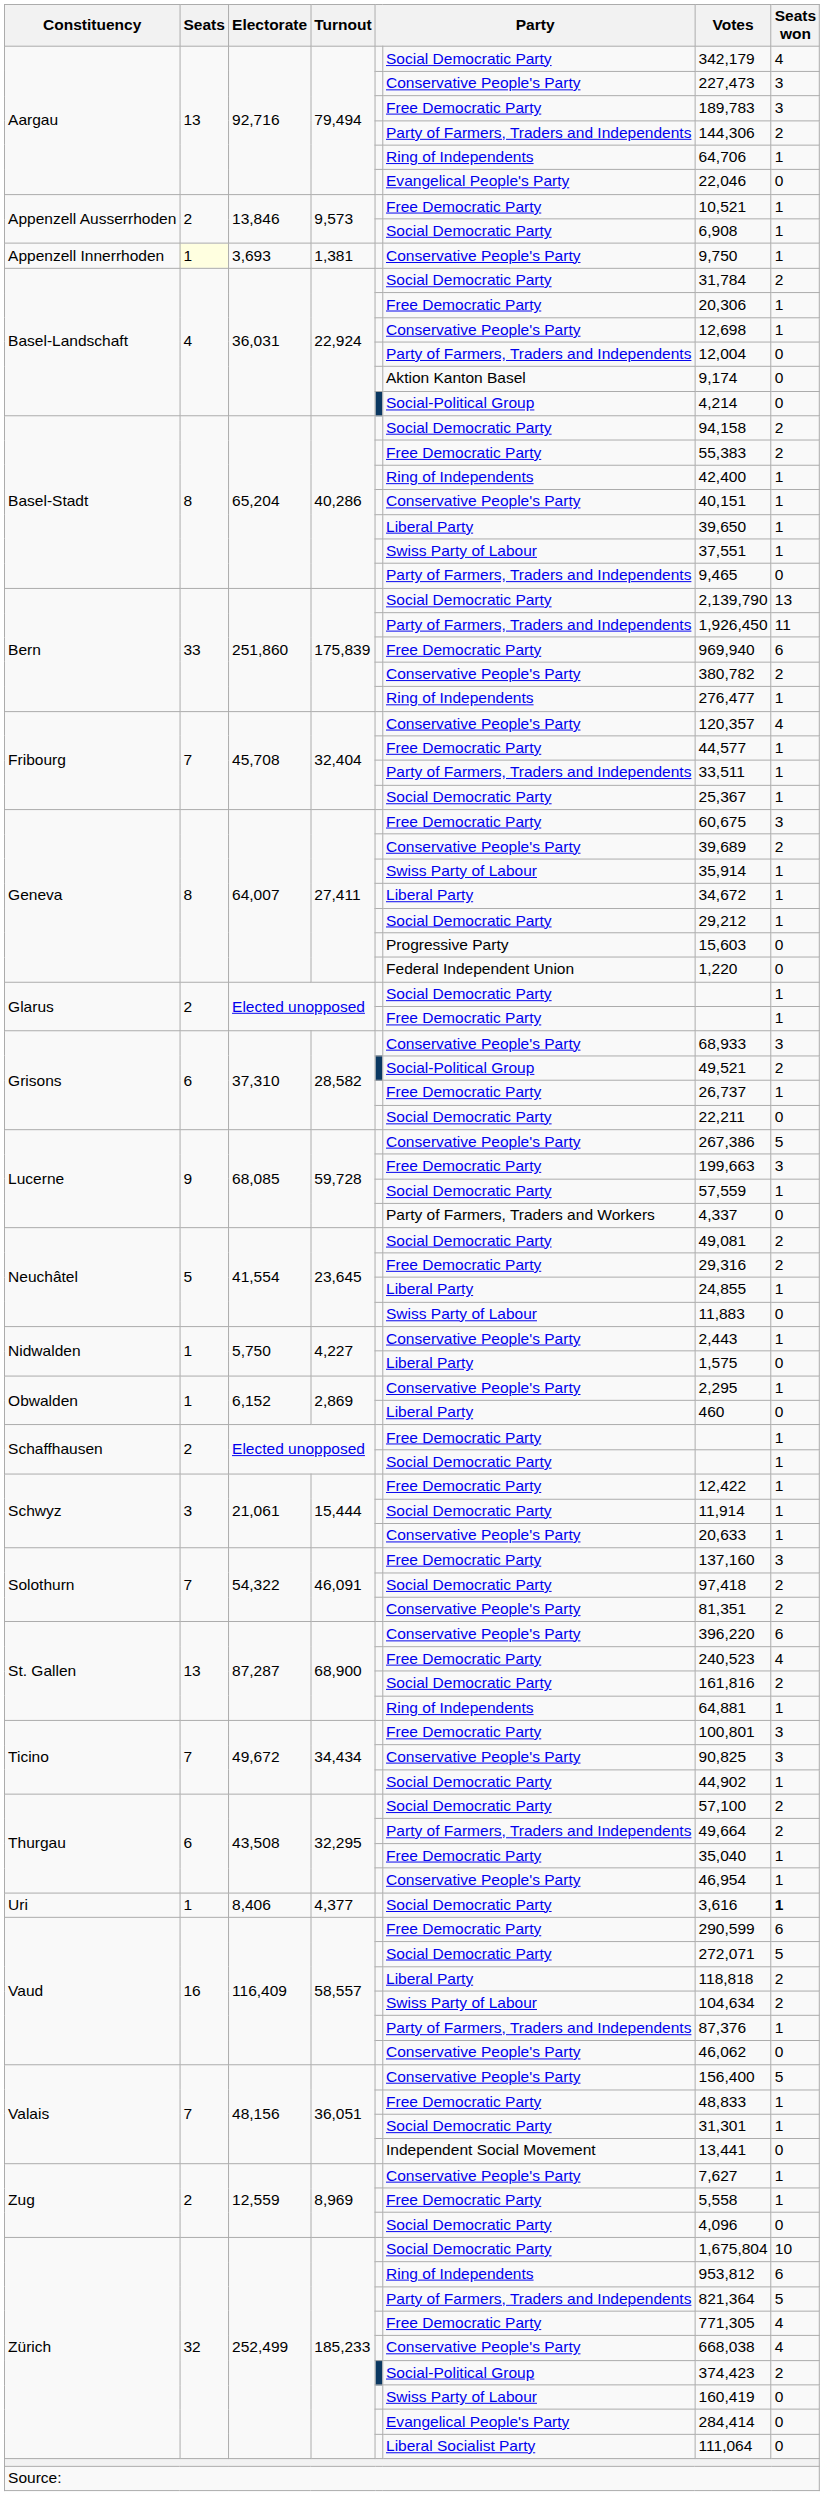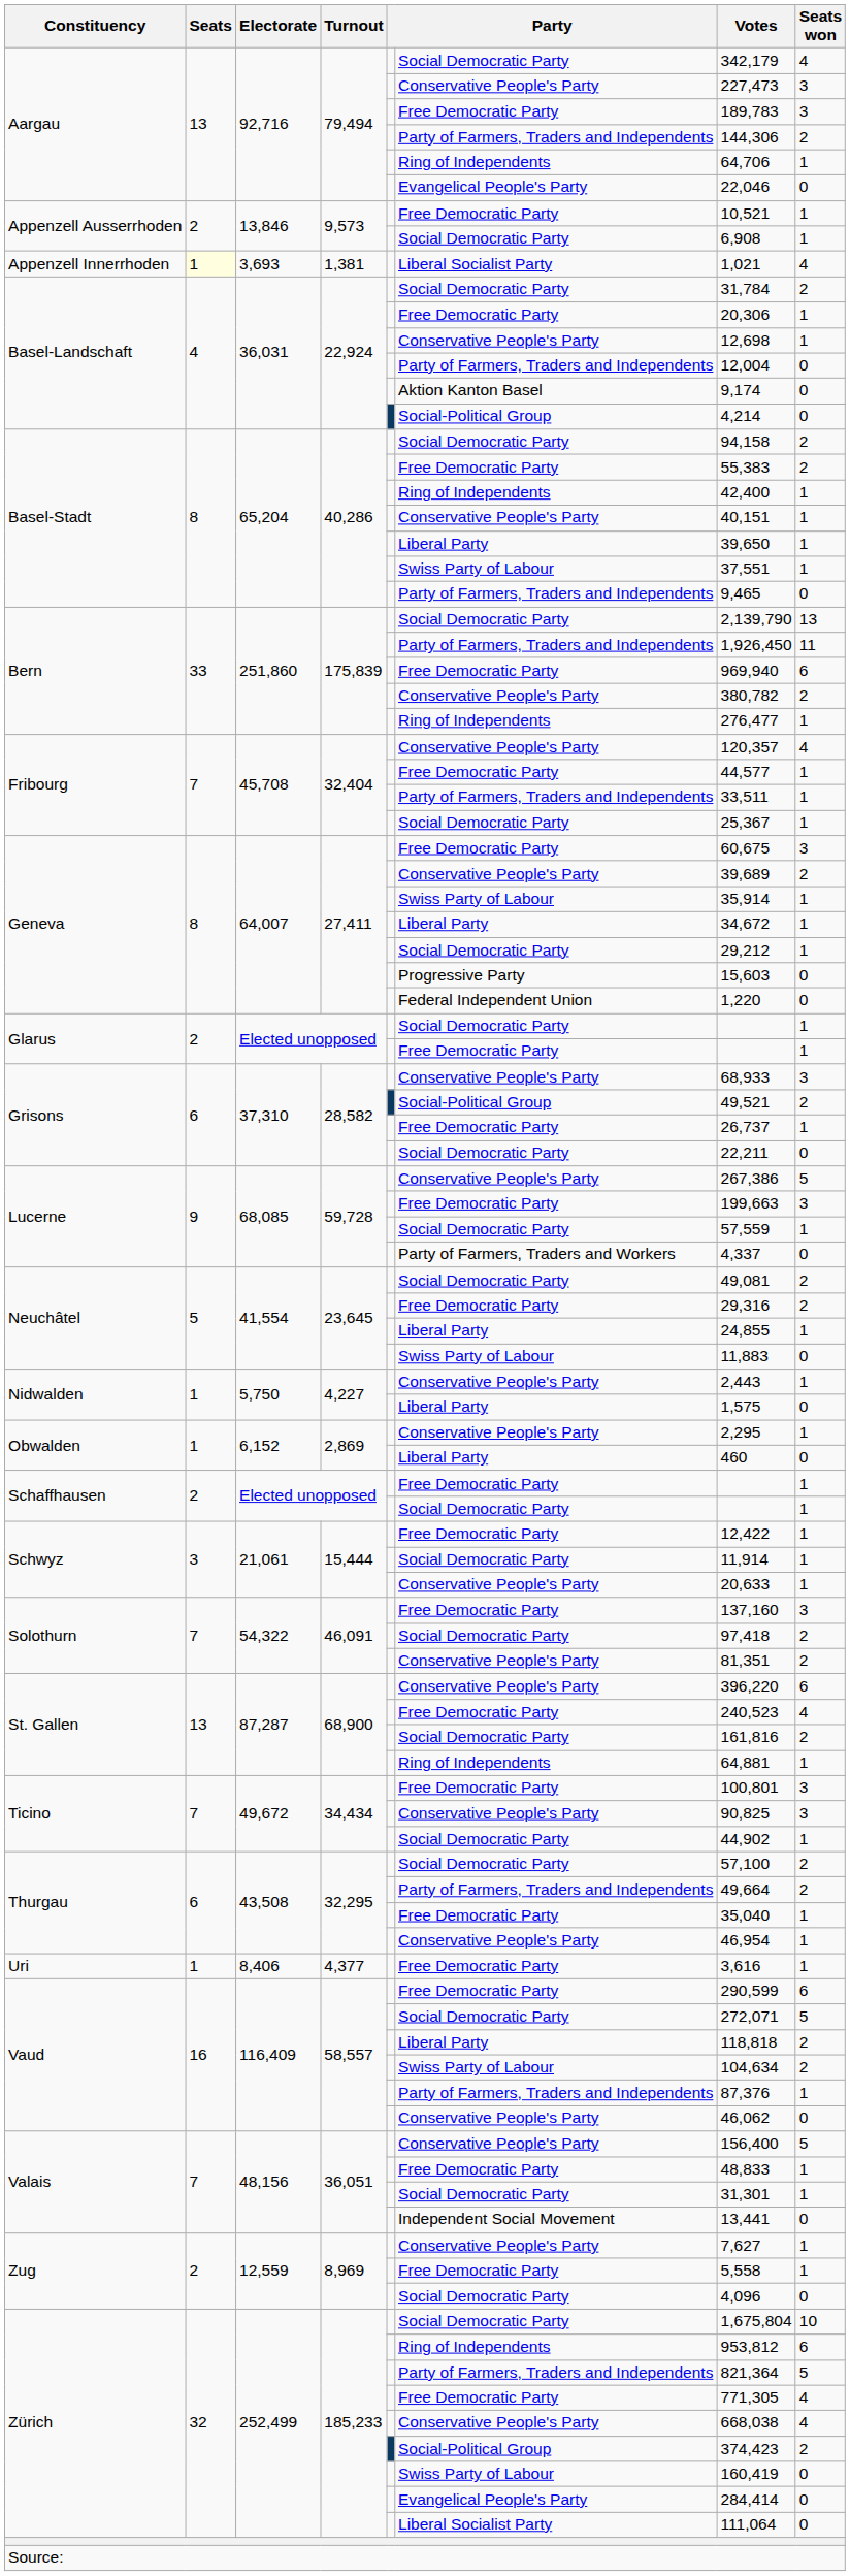 <table class="wikitable">
 <tr>
 <th>Constituency</th>
 <th>Seats</th>
 <th>Electorate</th>
 <th>Turnout</th>
 <th colspan="2">Party</th>
 <th>Votes</th>
 <th>Seats<br>won</th>
 </tr>
 <tr>
 <td rowspan="6">Aargau</td>
 <td rowspan="6">13</td>
 <td rowspan="6">92,716</td>
 <td rowspan="6">79,494</td>
 <td style="color:inherit;background:"></td>
 <td><a href='#'>Social Democratic Party</a></td>
 <td>342,179</td>
 <td>4</td>
 </tr>
 <tr>
 <td style="color:inherit;background:"></td>
 <td><a href='#'>Conservative People's Party</a></td>
 <td>227,473</td>
 <td>3</td>
 </tr>
 <tr>
 <td style="color:inherit;background:"></td>
 <td><a href='#'>Free Democratic Party</a></td>
 <td>189,783</td>
 <td>3</td>
 </tr>
 <tr>
 <td style="color:inherit;background:"></td>
 <td><a href='#'>Party of Farmers, Traders and Independents</a></td>
 <td>144,306</td>
 <td>2</td>
 </tr>
 <tr>
 <td style="color:inherit;background:"></td>
 <td><a href='#'>Ring of Independents</a></td>
 <td>64,706</td>
 <td>1</td>
 </tr>
 <tr>
 <td style="color:inherit;background:"></td>
 <td><a href='#'>Evangelical People's Party</a></td>
 <td>22,046</td>
 <td>0</td>
 </tr>
 <tr>
 <td rowspan="2">Appenzell Ausserrhoden</td>
 <td rowspan="2">2</td>
 <td rowspan="2">13,846</td>
 <td rowspan="2">9,573</td>
 <td style="color:inherit;background:"></td>
 <td><a href='#'>Free Democratic Party</a></td>
 <td>10,521</td>
 <td>1</td>
 </tr>
 <tr>
 <td style="color:inherit;background:"></td>
 <td><a href='#'>Social Democratic Party</a></td>
 <td>6,908</td>
 <td>1</td>
 </tr>
 <tr>
 <td>Appenzell Innerrhoden</td>
 <td style="background: lightyellow;">1</td>
 <td>3,693</td>
 <td>1,381</td>
 <td style="color:inherit;background:"></td>
-<td><a href='#'>Conservative People's Party</a></td>
-<td>9,750</td>
-<td>1</td>
+<td><a href='#'>Liberal Socialist Party</a></td>
+<td>1,021</td>
+<td>4</td>
 </tr>
 <tr>
 <td rowspan="6">Basel-Landschaft</td>
 <td rowspan="6">4</td>
 <td rowspan="6">36,031</td>
 <td rowspan="6">22,924</td>
 <td style="color:inherit;background:"></td>
 <td><a href='#'>Social Democratic Party</a></td>
 <td>31,784</td>
 <td>2</td>
 </tr>
 <tr>
 <td style="color:inherit;background:"></td>
 <td><a href='#'>Free Democratic Party</a></td>
 <td>20,306</td>
 <td>1</td>
 </tr>
 <tr>
 <td style="color:inherit;background:"></td>
 <td><a href='#'>Conservative People's Party</a></td>
 <td>12,698</td>
 <td>1</td>
 </tr>
 <tr>
 <td style="color:inherit;background:"></td>
 <td><a href='#'>Party of Farmers, Traders and Independents</a></td>
 <td>12,004</td>
 <td>0</td>
 </tr>
 <tr>
 <td style="color:inherit;background:"></td>
 <td>Aktion Kanton Basel</td>
 <td>9,174</td>
 <td>0</td>
 </tr>
 <tr>
 <td style="color:inherit;background:#0B3861"></td>
 <td><a href='#'>Social-Political Group</a></td>
 <td>4,214</td>
 <td>0</td>
 </tr>
 <tr>
 <td rowspan="7">Basel-Stadt</td>
 <td rowspan="7">8</td>
 <td rowspan="7">65,204</td>
 <td rowspan="7">40,286</td>
 <td style="color:inherit;background:"></td>
 <td><a href='#'>Social Democratic Party</a></td>
 <td>94,158</td>
 <td>2</td>
 </tr>
 <tr>
 <td style="color:inherit;background:"></td>
 <td><a href='#'>Free Democratic Party</a></td>
 <td>55,383</td>
 <td>2</td>
 </tr>
 <tr>
 <td style="color:inherit;background:"></td>
 <td><a href='#'>Ring of Independents</a></td>
 <td>42,400</td>
 <td>1</td>
 </tr>
 <tr>
 <td style="color:inherit;background:"></td>
 <td><a href='#'>Conservative People's Party</a></td>
 <td>40,151</td>
 <td>1</td>
 </tr>
 <tr>
 <td style="color:inherit;background:"></td>
 <td><a href='#'>Liberal Party</a></td>
 <td>39,650</td>
 <td>1</td>
 </tr>
 <tr>
 <td style="color:inherit;background:"></td>
 <td><a href='#'>Swiss Party of Labour</a></td>
 <td>37,551</td>
 <td>1</td>
 </tr>
 <tr>
 <td style="color:inherit;background:"></td>
 <td><a href='#'>Party of Farmers, Traders and Independents</a></td>
 <td>9,465</td>
 <td>0</td>
 </tr>
 <tr>
 <td rowspan="5">Bern</td>
 <td rowspan="5">33</td>
 <td rowspan="5">251,860</td>
 <td rowspan="5">175,839</td>
 <td style="color:inherit;background:"></td>
 <td><a href='#'>Social Democratic Party</a></td>
 <td>2,139,790</td>
 <td>13</td>
 </tr>
 <tr>
 <td style="color:inherit;background:"></td>
 <td><a href='#'>Party of Farmers, Traders and Independents</a></td>
 <td>1,926,450</td>
 <td>11</td>
 </tr>
 <tr>
 <td style="color:inherit;background:"></td>
 <td><a href='#'>Free Democratic Party</a></td>
 <td>969,940</td>
 <td>6</td>
 </tr>
 <tr>
 <td style="color:inherit;background:"></td>
 <td><a href='#'>Conservative People's Party</a></td>
 <td>380,782</td>
 <td>2</td>
 </tr>
 <tr>
 <td style="color:inherit;background:"></td>
 <td><a href='#'>Ring of Independents</a></td>
 <td>276,477</td>
 <td>1</td>
 </tr>
 <tr>
 <td rowspan="4">Fribourg</td>
 <td rowspan="4">7</td>
 <td rowspan="4">45,708</td>
 <td rowspan="4">32,404</td>
 <td style="color:inherit;background:"></td>
 <td><a href='#'>Conservative People's Party</a></td>
 <td>120,357</td>
 <td>4</td>
 </tr>
 <tr>
 <td style="color:inherit;background:"></td>
 <td><a href='#'>Free Democratic Party</a></td>
 <td>44,577</td>
 <td>1</td>
 </tr>
 <tr>
 <td style="color:inherit;background:"></td>
 <td><a href='#'>Party of Farmers, Traders and Independents</a></td>
 <td>33,511</td>
 <td>1</td>
 </tr>
 <tr>
 <td style="color:inherit;background:"></td>
 <td><a href='#'>Social Democratic Party</a></td>
 <td>25,367</td>
 <td>1</td>
 </tr>
 <tr>
 <td rowspan="7">Geneva</td>
 <td rowspan="7">8</td>
 <td rowspan="7">64,007</td>
 <td rowspan="7">27,411</td>
 <td style="color:inherit;background:"></td>
 <td><a href='#'>Free Democratic Party</a></td>
 <td>60,675</td>
 <td>3</td>
 </tr>
 <tr>
 <td style="color:inherit;background:"></td>
 <td><a href='#'>Conservative People's Party</a></td>
 <td>39,689</td>
 <td>2</td>
 </tr>
 <tr>
 <td style="color:inherit;background:"></td>
 <td><a href='#'>Swiss Party of Labour</a></td>
 <td>35,914</td>
 <td>1</td>
 </tr>
 <tr>
 <td style="color:inherit;background:"></td>
 <td><a href='#'>Liberal Party</a></td>
 <td>34,672</td>
 <td>1</td>
 </tr>
 <tr>
 <td style="color:inherit;background:"></td>
 <td><a href='#'>Social Democratic Party</a></td>
 <td>29,212</td>
 <td>1</td>
 </tr>
 <tr>
 <td style="color:inherit;background:"></td>
 <td>Progressive Party</td>
 <td>15,603</td>
 <td>0</td>
 </tr>
 <tr>
 <td style="color:inherit;background:"></td>
 <td>Federal Independent Union</td>
 <td>1,220</td>
 <td>0</td>
 </tr>
 <tr>
 <td rowspan="2">Glarus</td>
 <td rowspan="2">2</td>
 <td rowspan="2" colspan=2><a href='#'>Elected unopposed</a></td>
 <td style="color:inherit;background:"></td>
 <td><a href='#'>Social Democratic Party</a></td>
 <td></td>
 <td>1</td>
 </tr>
 <tr>
 <td style="color:inherit;background:"></td>
 <td><a href='#'>Free Democratic Party</a></td>
 <td></td>
 <td>1</td>
 </tr>
 <tr>
 <td rowspan="4">Grisons</td>
 <td rowspan="4">6</td>
 <td rowspan="4">37,310</td>
 <td rowspan="4">28,582</td>
 <td style="color:inherit;background:"></td>
 <td><a href='#'>Conservative People's Party</a></td>
 <td>68,933</td>
 <td>3</td>
 </tr>
 <tr>
 <td style="color:inherit;background:#0B3861"></td>
 <td><a href='#'>Social-Political Group</a></td>
 <td>49,521</td>
 <td>2</td>
 </tr>
 <tr>
 <td style="color:inherit;background:"></td>
 <td><a href='#'>Free Democratic Party</a></td>
 <td>26,737</td>
 <td>1</td>
 </tr>
 <tr>
 <td style="color:inherit;background:"></td>
 <td><a href='#'>Social Democratic Party</a></td>
 <td>22,211</td>
 <td>0</td>
 </tr>
 <tr>
 <td rowspan="4">Lucerne</td>
 <td rowspan="4">9</td>
 <td rowspan="4">68,085</td>
 <td rowspan="4">59,728</td>
 <td style="color:inherit;background:"></td>
 <td><a href='#'>Conservative People's Party</a></td>
 <td>267,386</td>
 <td>5</td>
 </tr>
 <tr>
 <td style="color:inherit;background:"></td>
 <td><a href='#'>Free Democratic Party</a></td>
 <td>199,663</td>
 <td>3</td>
 </tr>
 <tr>
 <td style="color:inherit;background:"></td>
 <td><a href='#'>Social Democratic Party</a></td>
 <td>57,559</td>
 <td>1</td>
 </tr>
 <tr>
 <td style="color:inherit;background:"></td>
 <td>Party of Farmers, Traders and Workers</td>
 <td>4,337</td>
 <td>0</td>
 </tr>
 <tr>
 <td rowspan="4">Neuchâtel</td>
 <td rowspan="4">5</td>
 <td rowspan="4">41,554</td>
 <td rowspan="4">23,645</td>
 <td style="color:inherit;background:"></td>
 <td><a href='#'>Social Democratic Party</a></td>
 <td>49,081</td>
 <td>2</td>
 </tr>
 <tr>
 <td style="color:inherit;background:"></td>
 <td><a href='#'>Free Democratic Party</a></td>
 <td>29,316</td>
 <td>2</td>
 </tr>
 <tr>
 <td style="color:inherit;background:"></td>
 <td><a href='#'>Liberal Party</a></td>
 <td>24,855</td>
 <td>1</td>
 </tr>
 <tr>
 <td style="color:inherit;background:"></td>
 <td><a href='#'>Swiss Party of Labour</a></td>
 <td>11,883</td>
 <td>0</td>
 </tr>
 <tr>
 <td rowspan="2">Nidwalden</td>
 <td rowspan="2">1</td>
 <td rowspan="2">5,750</td>
 <td rowspan="2">4,227</td>
 <td style="color:inherit;background:"></td>
 <td><a href='#'>Conservative People's Party</a></td>
 <td>2,443</td>
 <td>1</td>
 </tr>
 <tr>
 <td style="color:inherit;background:"></td>
 <td><a href='#'>Liberal Party</a></td>
 <td>1,575</td>
 <td>0</td>
 </tr>
 <tr>
 <td rowspan="2">Obwalden</td>
 <td rowspan="2">1</td>
 <td rowspan="2">6,152</td>
 <td rowspan="2">2,869</td>
 <td style="color:inherit;background:"></td>
 <td><a href='#'>Conservative People's Party</a></td>
 <td>2,295</td>
 <td>1</td>
 </tr>
 <tr>
 <td style="color:inherit;background:"></td>
 <td><a href='#'>Liberal Party</a></td>
 <td>460</td>
 <td>0</td>
 </tr>
 <tr>
 <td rowspan="2">Schaffhausen</td>
 <td rowspan="2">2</td>
 <td rowspan="2" colspan=2><a href='#'>Elected unopposed</a></td>
 <td style="color:inherit;background:"></td>
 <td><a href='#'>Free Democratic Party</a></td>
 <td></td>
 <td>1</td>
 </tr>
 <tr>
 <td style="color:inherit;background:"></td>
 <td><a href='#'>Social Democratic Party</a></td>
 <td></td>
 <td>1</td>
 </tr>
 <tr>
 <td rowspan="3">Schwyz</td>
 <td rowspan="3">3</td>
 <td rowspan="3">21,061</td>
 <td rowspan="3">15,444</td>
 <td style="color:inherit;background:"></td>
 <td><a href='#'>Free Democratic Party</a></td>
 <td>12,422</td>
 <td>1</td>
 </tr>
 <tr>
 <td style="color:inherit;background:"></td>
 <td><a href='#'>Social Democratic Party</a></td>
 <td>11,914</td>
 <td>1</td>
 </tr>
 <tr>
 <td style="color:inherit;background:"></td>
 <td><a href='#'>Conservative People's Party</a></td>
 <td>20,633</td>
 <td>1</td>
 </tr>
 <tr>
 <td rowspan="3">Solothurn</td>
 <td rowspan="3">7</td>
 <td rowspan="3">54,322</td>
 <td rowspan="3">46,091</td>
 <td style="color:inherit;background:"></td>
 <td><a href='#'>Free Democratic Party</a></td>
 <td>137,160</td>
 <td>3</td>
 </tr>
 <tr>
 <td style="color:inherit;background:"></td>
 <td><a href='#'>Social Democratic Party</a></td>
 <td>97,418</td>
 <td>2</td>
 </tr>
 <tr>
 <td style="color:inherit;background:"></td>
 <td><a href='#'>Conservative People's Party</a></td>
 <td>81,351</td>
 <td>2</td>
 </tr>
 <tr>
 <td rowspan="4">St. Gallen</td>
 <td rowspan="4">13</td>
 <td rowspan="4">87,287</td>
 <td rowspan="4">68,900</td>
 <td style="color:inherit;background:"></td>
 <td><a href='#'>Conservative People's Party</a></td>
 <td>396,220</td>
 <td>6</td>
 </tr>
 <tr>
 <td style="color:inherit;background:"></td>
 <td><a href='#'>Free Democratic Party</a></td>
 <td>240,523</td>
 <td>4</td>
 </tr>
 <tr>
 <td style="color:inherit;background:"></td>
 <td><a href='#'>Social Democratic Party</a></td>
 <td>161,816</td>
 <td>2</td>
 </tr>
 <tr>
 <td style="color:inherit;background:"></td>
 <td><a href='#'>Ring of Independents</a></td>
 <td>64,881</td>
 <td>1</td>
 </tr>
 <tr>
 <td rowspan="3">Ticino</td>
 <td rowspan="3">7</td>
 <td rowspan="3">49,672</td>
 <td rowspan="3">34,434</td>
 <td style="color:inherit;background:"></td>
 <td><a href='#'>Free Democratic Party</a></td>
 <td>100,801</td>
 <td>3</td>
 </tr>
 <tr>
 <td style="color:inherit;background:"></td>
 <td><a href='#'>Conservative People's Party</a></td>
 <td>90,825</td>
 <td>3</td>
 </tr>
 <tr>
 <td style="color:inherit;background:"></td>
 <td><a href='#'>Social Democratic Party</a></td>
 <td>44,902</td>
 <td>1</td>
 </tr>
 <tr>
 <td rowspan="4">Thurgau</td>
 <td rowspan="4">6</td>
 <td rowspan="4">43,508</td>
 <td rowspan="4">32,295</td>
 <td style="color:inherit;background:"></td>
 <td><a href='#'>Social Democratic Party</a></td>
 <td>57,100</td>
 <td>2</td>
 </tr>
 <tr>
 <td style="color:inherit;background:"></td>
 <td><a href='#'>Party of Farmers, Traders and Independents</a></td>
 <td>49,664</td>
 <td>2</td>
 </tr>
 <tr>
 <td style="color:inherit;background:"></td>
 <td><a href='#'>Free Democratic Party</a></td>
 <td>35,040</td>
 <td>1</td>
 </tr>
 <tr>
 <td style="color:inherit;background:"></td>
 <td><a href='#'>Conservative People's Party</a></td>
 <td>46,954</td>
 <td>1</td>
 </tr>
 <tr>
 <td>Uri</td>
 <td>1</td>
 <td>8,406</td>
 <td>4,377</td>
 <td style="color:inherit;background:"></td>
-<td><a href='#'>Social Democratic Party</a></td>
+<td><a href='#'>Free Democratic Party</a></td>
 <td>3,616</td>
-<td><strong>1</strong></td>
+<td>1</td>
 </tr>
 <tr>
 <td rowspan="6">Vaud</td>
 <td rowspan="6">16</td>
 <td rowspan="6">116,409</td>
 <td rowspan="6">58,557</td>
 <td style="color:inherit;background:"></td>
 <td><a href='#'>Free Democratic Party</a></td>
 <td>290,599</td>
 <td>6</td>
 </tr>
 <tr>
 <td style="color:inherit;background:"></td>
 <td><a href='#'>Social Democratic Party</a></td>
 <td>272,071</td>
 <td>5</td>
 </tr>
 <tr>
 <td style="color:inherit;background:"></td>
 <td><a href='#'>Liberal Party</a></td>
 <td>118,818</td>
 <td>2</td>
 </tr>
 <tr>
 <td style="color:inherit;background:"></td>
 <td><a href='#'>Swiss Party of Labour</a></td>
 <td>104,634</td>
 <td>2</td>
 </tr>
 <tr>
 <td style="color:inherit;background:"></td>
 <td><a href='#'>Party of Farmers, Traders and Independents</a></td>
 <td>87,376</td>
 <td>1</td>
 </tr>
 <tr>
 <td style="color:inherit;background:"></td>
 <td><a href='#'>Conservative People's Party</a></td>
 <td>46,062</td>
 <td>0</td>
 </tr>
 <tr>
 <td rowspan="4">Valais</td>
 <td rowspan="4">7</td>
 <td rowspan="4">48,156</td>
 <td rowspan="4">36,051</td>
 <td style="color:inherit;background:"></td>
 <td><a href='#'>Conservative People's Party</a></td>
 <td>156,400</td>
 <td>5</td>
 </tr>
 <tr>
 <td style="color:inherit;background:"></td>
 <td><a href='#'>Free Democratic Party</a></td>
 <td>48,833</td>
 <td>1</td>
 </tr>
 <tr>
 <td style="color:inherit;background:"></td>
 <td><a href='#'>Social Democratic Party</a></td>
 <td>31,301</td>
 <td>1</td>
 </tr>
 <tr>
 <td style="color:inherit;background:"></td>
 <td>Independent Social Movement</td>
 <td>13,441</td>
 <td>0</td>
 </tr>
 <tr>
 <td rowspan="3">Zug</td>
 <td rowspan="3">2</td>
 <td rowspan="3">12,559</td>
 <td rowspan="3">8,969</td>
 <td style="color:inherit;background:"></td>
 <td><a href='#'>Conservative People's Party</a></td>
 <td>7,627</td>
 <td>1</td>
 </tr>
 <tr>
 <td style="color:inherit;background:"></td>
 <td><a href='#'>Free Democratic Party</a></td>
 <td>5,558</td>
 <td>1</td>
 </tr>
 <tr>
 <td style="color:inherit;background:"></td>
 <td><a href='#'>Social Democratic Party</a></td>
 <td>4,096</td>
 <td>0</td>
 </tr>
 <tr>
 <td rowspan="9">Zürich</td>
 <td rowspan="9">32</td>
 <td rowspan="9">252,499</td>
 <td rowspan="9">185,233</td>
 <td style="color:inherit;background:"></td>
 <td><a href='#'>Social Democratic Party</a></td>
 <td>1,675,804</td>
 <td>10</td>
 </tr>
 <tr>
 <td style="color:inherit;background:"></td>
 <td><a href='#'>Ring of Independents</a></td>
 <td>953,812</td>
 <td>6</td>
 </tr>
 <tr>
 <td style="color:inherit;background:"></td>
 <td><a href='#'>Party of Farmers, Traders and Independents</a></td>
 <td>821,364</td>
 <td>5</td>
 </tr>
 <tr>
 <td style="color:inherit;background:"></td>
 <td><a href='#'>Free Democratic Party</a></td>
 <td>771,305</td>
 <td>4</td>
 </tr>
 <tr>
 <td style="color:inherit;background:"></td>
 <td><a href='#'>Conservative People's Party</a></td>
 <td>668,038</td>
 <td>4</td>
 </tr>
 <tr>
 <td style="color:inherit;background:#0B3861"></td>
 <td><a href='#'>Social-Political Group</a></td>
 <td>374,423</td>
 <td>2</td>
 </tr>
 <tr>
 <td style="color:inherit;background:"></td>
 <td><a href='#'>Swiss Party of Labour</a></td>
 <td>160,419</td>
 <td>0</td>
 </tr>
 <tr>
 <td style="color:inherit;background:"></td>
 <td><a href='#'>Evangelical People's Party</a></td>
 <td>284,414</td>
 <td>0</td>
 </tr>
 <tr>
 <td style="color:inherit;background:"></td>
 <td><a href='#'>Liberal Socialist Party</a></td>
 <td>111,064</td>
 <td>0</td>
 </tr>
 <tr>
 <th colspan="8"></th>
 </tr>
 <tr>
 <td colspan="8">Source: </td>
 </tr>
 </table>
